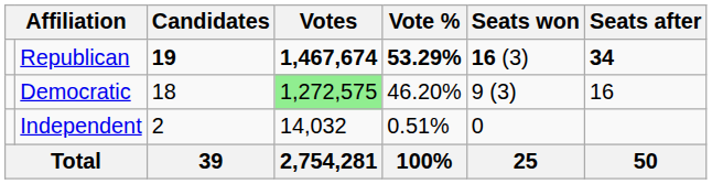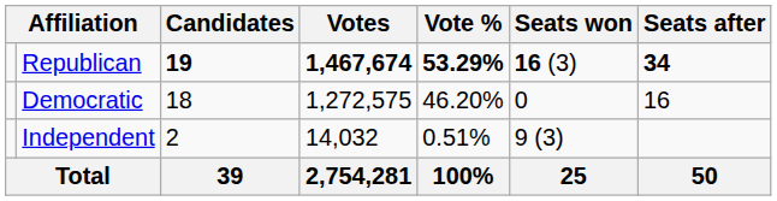 <table class="wikitable">
 <tr>
 <th colspan="2">Affiliation</th>
 <th>Candidates</th>
 <th>Votes</th>
 <th>Vote %</th>
 <th>Seats won</th>
 <th>Seats after</th>
 </tr>
 <tr>
 <td style="background-color:"></td>
 <td><a href='#'>Republican</a></td>
 <td><strong>19</strong></td>
 <td><strong>1,467,674</strong></td>
 <td><strong>53.29%</strong></td>
 <td><strong>16</strong> (3)</td>
 <td><strong>34</strong></td>
 </tr>
 <tr>
 <td style="background-color:"></td>
 <td><a href='#'>Democratic</a></td>
 <td>18</td>
-<td style="background: lightgreen;">1,272,575</td>
+<td>1,272,575</td>
 <td>46.20%</td>
-<td>9 (3)</td>
+<td>0</td>
 <td>16</td>
 </tr>
 <tr>
 <td style="background-color:"></td>
 <td><a href='#'>Independent</a></td>
 <td>2</td>
 <td>14,032</td>
 <td>0.51%</td>
-<td>0</td>
+<td>9 (3)</td>
 <td></td>
 </tr>
 <tr>
 <th colspan="2">Total</th>
 <th>39</th>
 <th>2,754,281</th>
 <th>100%</th>
 <th>25</th>
 <th>50</th>
 </tr>
 </table>
